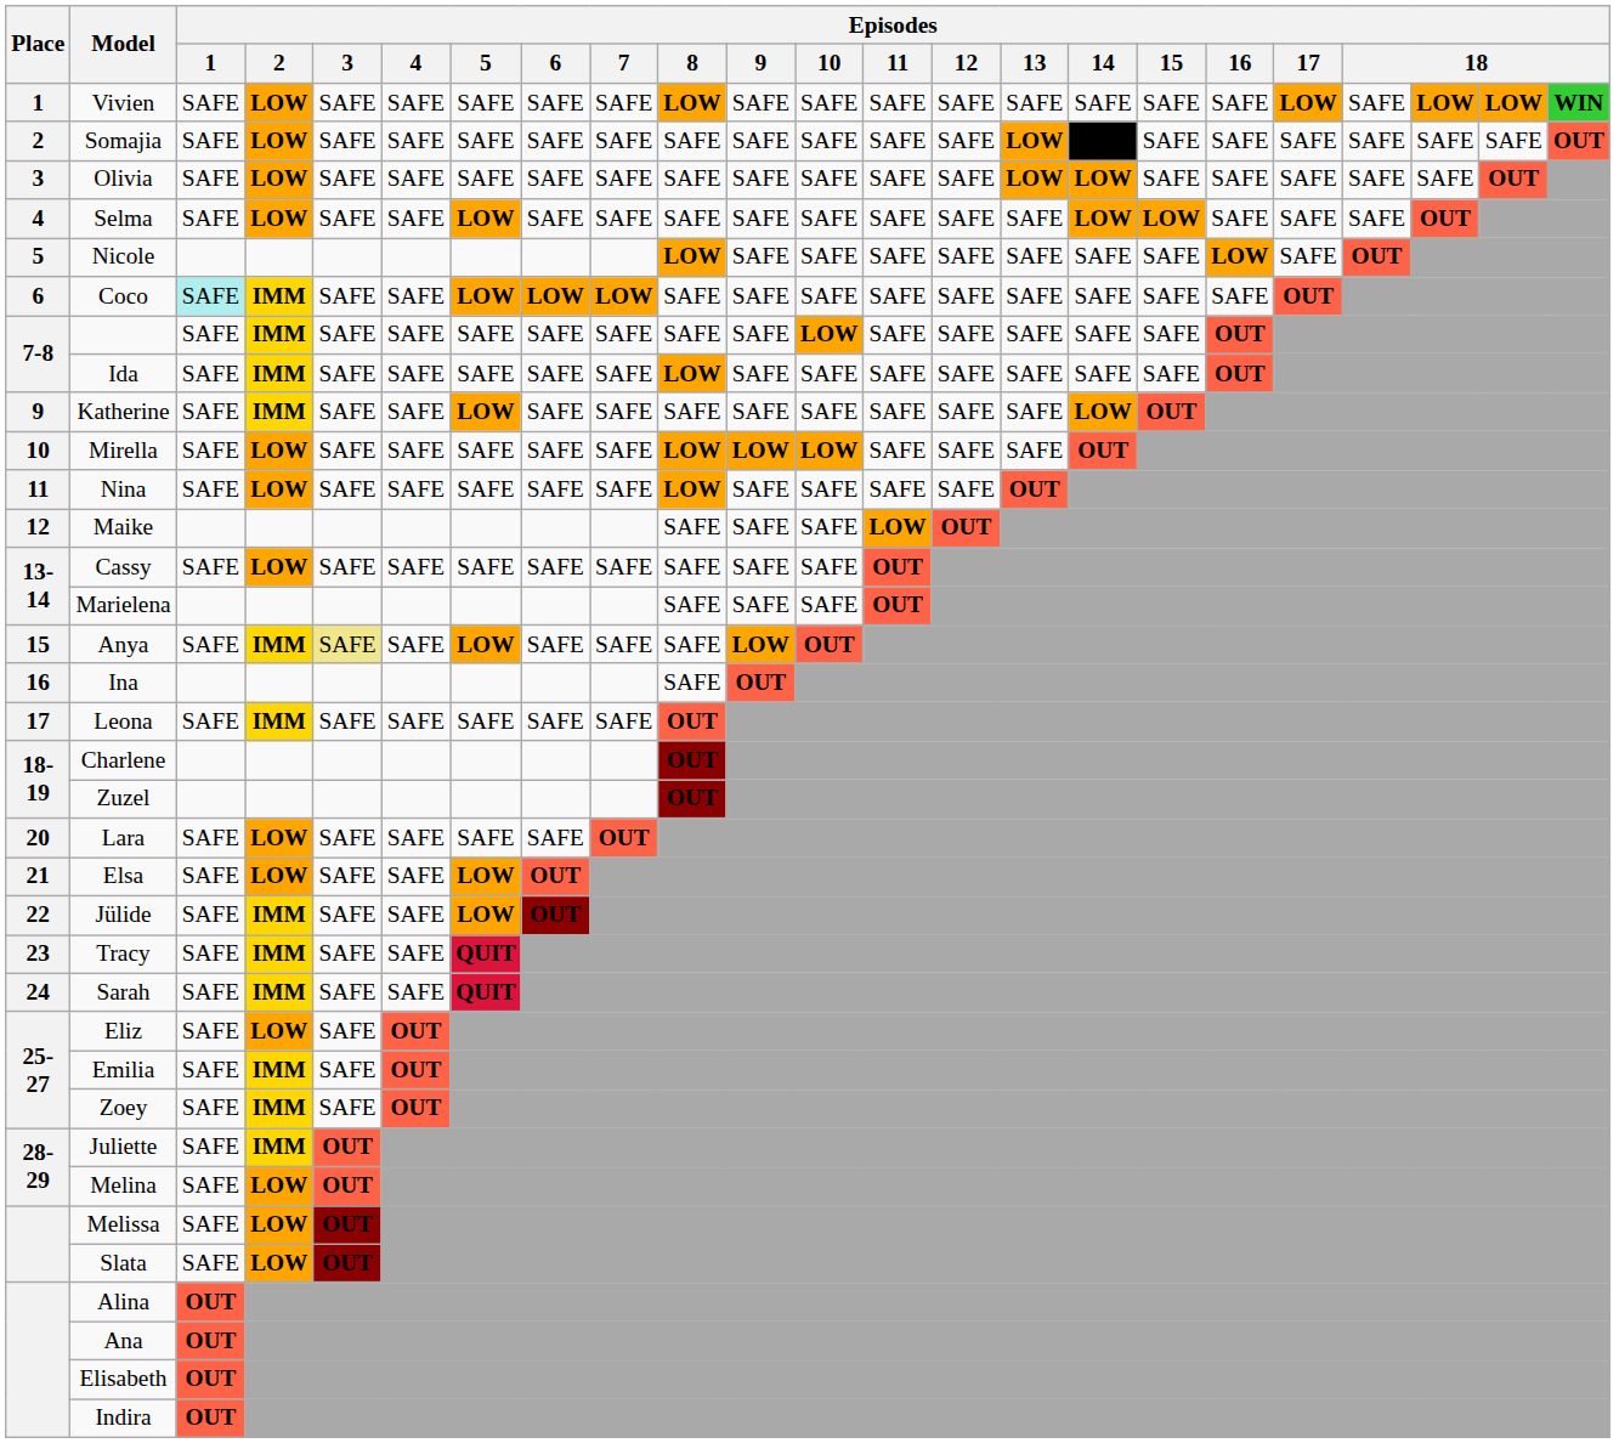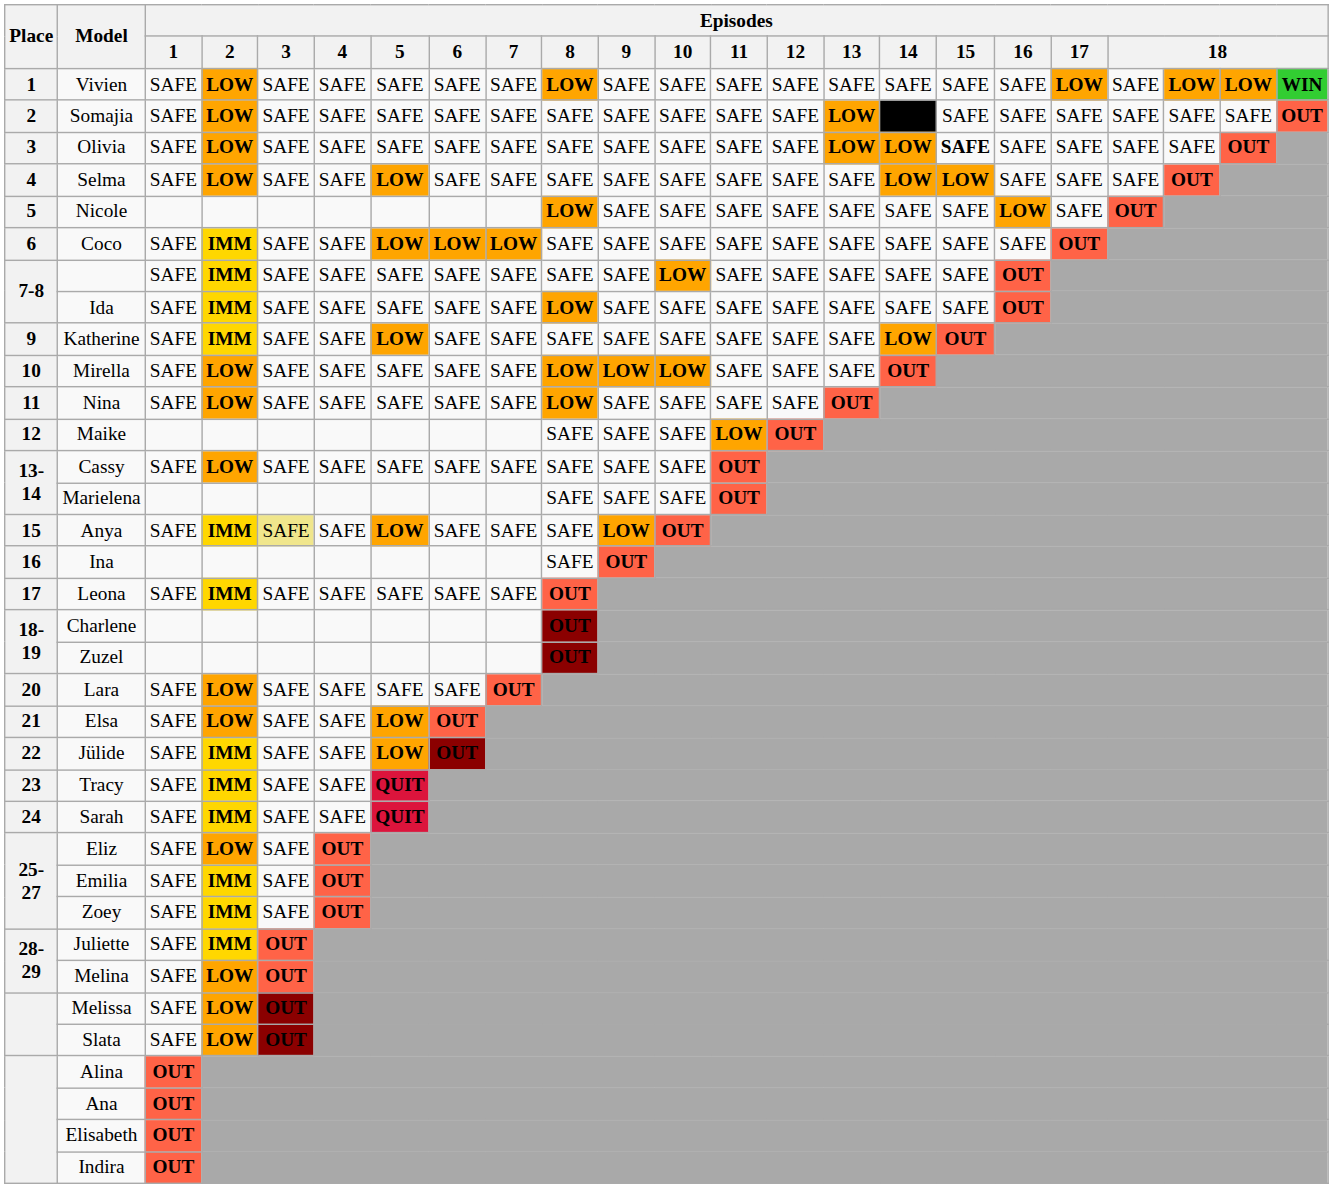 <table class="wikitable" style="width:50%; text-align:center; font-size:85%;">
 <tr>
 <th rowspan="2">Place</th>
 <th rowspan="2">Model</th>
 <th colspan="21">Episodes</th>
 </tr>
 <tr>
 <th>1</th>
 <th>2</th>
 <th>3</th>
 <th>4</th>
 <th>5</th>
 <th>6</th>
 <th>7</th>
 <th>8</th>
 <th>9</th>
 <th>10</th>
 <th>11</th>
 <th>12</th>
 <th>13</th>
 <th>14</th>
 <th>15</th>
 <th>16</th>
 <th>17</th>
 <th colspan="4">18</th>
 </tr>
 <tr>
 <th>1</th>
 <td>Vivien</td>
 <td>SAFE</td>
 <td style="background:orange;"><strong>LOW</strong></td>
 <td>SAFE</td>
 <td>SAFE</td>
 <td>SAFE</td>
 <td>SAFE</td>
 <td>SAFE</td>
 <td style="background:orange;"><strong>LOW</strong></td>
 <td>SAFE</td>
 <td>SAFE</td>
 <td>SAFE</td>
 <td>SAFE</td>
 <td>SAFE</td>
 <td>SAFE</td>
 <td>SAFE</td>
 <td>SAFE</td>
 <td style="background:orange;"><strong>LOW</strong></td>
 <td>SAFE</td>
 <td style="background:orange;"><strong>LOW</strong></td>
 <td style="background:orange;"><strong>LOW</strong></td>
 <td style="background:limegreen;"><strong>WIN</strong></td>
 </tr>
 <tr>
 <th>2</th>
 <td>Somajia</td>
 <td>SAFE</td>
 <td style="background:orange;"><strong>LOW</strong></td>
 <td>SAFE</td>
 <td>SAFE</td>
 <td>SAFE</td>
 <td>SAFE</td>
 <td>SAFE</td>
 <td>SAFE</td>
 <td>SAFE</td>
 <td>SAFE</td>
 <td>SAFE</td>
 <td>SAFE</td>
 <td style="background:orange;"><strong>LOW</strong></td>
 <td style="background:black;"></td>
 <td>SAFE</td>
 <td>SAFE</td>
 <td>SAFE</td>
 <td>SAFE</td>
 <td>SAFE</td>
 <td>SAFE</td>
 <td style="background:tomato;"><strong>OUT</strong></td>
 </tr>
 <tr>
 <th>3</th>
 <td>Olivia</td>
 <td>SAFE</td>
 <td style="background:orange;"><strong>LOW</strong></td>
 <td>SAFE</td>
 <td>SAFE</td>
 <td>SAFE</td>
 <td>SAFE</td>
 <td>SAFE</td>
 <td>SAFE</td>
 <td>SAFE</td>
 <td>SAFE</td>
 <td>SAFE</td>
 <td>SAFE</td>
 <td style="background:orange;"><strong>LOW</strong></td>
 <td style="background:orange;"><strong>LOW</strong></td>
-<td>SAFE</td>
+<td><strong>SAFE</strong></td>
 <td>SAFE</td>
 <td>SAFE</td>
 <td>SAFE</td>
 <td>SAFE</td>
 <td style="background:tomato;"><strong>OUT</strong></td>
 <td colspan="19" style="background:darkgrey"></td>
 </tr>
 <tr>
 <th>4</th>
 <td>Selma</td>
 <td>SAFE</td>
 <td style="background:orange;"><strong>LOW</strong></td>
 <td>SAFE</td>
 <td>SAFE</td>
 <td style="background:orange;"><strong>LOW</strong></td>
 <td>SAFE</td>
 <td>SAFE</td>
 <td>SAFE</td>
 <td>SAFE</td>
 <td>SAFE</td>
 <td>SAFE</td>
 <td>SAFE</td>
 <td>SAFE</td>
 <td style="background:orange;"><strong>LOW</strong></td>
 <td style="background:orange;"><strong>LOW</strong></td>
 <td>SAFE</td>
 <td>SAFE</td>
 <td>SAFE</td>
 <td style="background:tomato;"><strong>OUT</strong></td>
 <td colspan="19" style="background:darkgrey"></td>
 </tr>
 <tr>
 <th>5</th>
 <td>Nicole</td>
 <td></td>
 <td></td>
 <td></td>
 <td></td>
 <td></td>
 <td></td>
 <td></td>
 <td style="background:orange;"><strong>LOW</strong></td>
 <td>SAFE</td>
 <td>SAFE</td>
 <td>SAFE</td>
 <td>SAFE</td>
 <td>SAFE</td>
 <td>SAFE</td>
 <td>SAFE</td>
 <td style="background:orange;"><strong>LOW</strong></td>
 <td>SAFE</td>
 <td style="background:tomato;"><strong>OUT</strong></td>
 <td colspan="19" style="background:darkgrey"></td>
 </tr>
 <tr>
 <th>6</th>
 <td>Coco</td>
-<td style="background: paleturquoise;">SAFE</td>
+<td>SAFE</td>
 <td style="background:gold;"><strong>IMM</strong></td>
 <td>SAFE</td>
 <td>SAFE</td>
 <td style="background:orange;"><strong>LOW</strong></td>
 <td style="background:orange;"><strong>LOW</strong></td>
 <td style="background:orange;"><strong>LOW</strong></td>
 <td>SAFE</td>
 <td>SAFE</td>
 <td>SAFE</td>
 <td>SAFE</td>
 <td>SAFE</td>
 <td>SAFE</td>
 <td>SAFE</td>
 <td>SAFE</td>
 <td>SAFE</td>
 <td style="background:tomato;"><strong>OUT</strong></td>
 <td colspan="19" style="background:darkgrey"></td>
 </tr>
 <tr>
 <th rowspan="2">7-8</th>
 <td></td>
 <td>SAFE</td>
 <td style="background:gold;"><strong>IMM</strong></td>
 <td>SAFE</td>
 <td>SAFE</td>
 <td>SAFE</td>
 <td>SAFE</td>
 <td>SAFE</td>
 <td>SAFE</td>
 <td>SAFE</td>
 <td style="background:orange;"><strong>LOW</strong></td>
 <td>SAFE</td>
 <td>SAFE</td>
 <td>SAFE</td>
 <td>SAFE</td>
 <td>SAFE</td>
 <td style="background:tomato;"><strong>OUT</strong></td>
 <td colspan="19" style="background:darkgrey"></td>
 </tr>
 <tr>
 <td>Ida</td>
 <td>SAFE</td>
 <td style="background:gold;"><strong>IMM</strong></td>
 <td>SAFE</td>
 <td>SAFE</td>
 <td>SAFE</td>
 <td>SAFE</td>
 <td>SAFE</td>
 <td style="background:orange;"><strong>LOW</strong></td>
 <td>SAFE</td>
 <td>SAFE</td>
 <td>SAFE</td>
 <td>SAFE</td>
 <td>SAFE</td>
 <td>SAFE</td>
 <td>SAFE</td>
 <td style="background:tomato;"><strong>OUT</strong></td>
 <td colspan="19" style="background:darkgrey"></td>
 </tr>
 <tr>
 <th>9</th>
 <td>Katherine</td>
 <td>SAFE</td>
 <td style="background:gold;"><strong>IMM</strong></td>
 <td>SAFE</td>
 <td>SAFE</td>
 <td style="background:orange;"><strong>LOW</strong></td>
 <td>SAFE</td>
 <td>SAFE</td>
 <td>SAFE</td>
 <td>SAFE</td>
 <td>SAFE</td>
 <td>SAFE</td>
 <td>SAFE</td>
 <td>SAFE</td>
 <td style="background:orange;"><strong>LOW</strong></td>
 <td style="background:tomato;"><strong>OUT</strong></td>
 <td colspan="19" style="background:darkgrey"></td>
 </tr>
 <tr>
 <th>10</th>
 <td>Mirella</td>
 <td>SAFE</td>
 <td style="background:orange;"><strong>LOW</strong></td>
 <td>SAFE</td>
 <td>SAFE</td>
 <td>SAFE</td>
 <td>SAFE</td>
 <td>SAFE</td>
 <td style="background:orange;"><strong>LOW</strong></td>
 <td style="background:orange;"><strong>LOW</strong></td>
 <td style="background:orange;"><strong>LOW</strong></td>
 <td>SAFE</td>
 <td>SAFE</td>
 <td>SAFE</td>
 <td style="background:tomato;"><strong>OUT</strong></td>
 <td colspan="19" style="background:darkgrey"></td>
 </tr>
 <tr>
 <th>11</th>
 <td>Nina</td>
 <td>SAFE</td>
 <td style="background:orange;"><strong>LOW</strong></td>
 <td>SAFE</td>
 <td>SAFE</td>
 <td>SAFE</td>
 <td>SAFE</td>
 <td>SAFE</td>
 <td style="background:orange;"><strong>LOW</strong></td>
 <td>SAFE</td>
 <td>SAFE</td>
 <td>SAFE</td>
 <td>SAFE</td>
 <td style="background:tomato;"><strong>OUT</strong></td>
 <td colspan="19" style="background:darkgrey"></td>
 </tr>
 <tr>
 <th>12</th>
 <td>Maike</td>
 <td></td>
 <td></td>
 <td></td>
 <td></td>
 <td></td>
 <td></td>
 <td></td>
 <td>SAFE</td>
 <td>SAFE</td>
 <td>SAFE</td>
 <td style="background:orange;"><strong>LOW</strong></td>
 <td style="background:tomato;"><strong>OUT</strong></td>
 <td colspan="19" style="background:darkgrey"></td>
 </tr>
 <tr>
 <th rowspan="2">13-14</th>
 <td>Cassy</td>
 <td>SAFE</td>
 <td style="background:orange;"><strong>LOW</strong></td>
 <td>SAFE</td>
 <td>SAFE</td>
 <td>SAFE</td>
 <td>SAFE</td>
 <td>SAFE</td>
 <td>SAFE</td>
 <td>SAFE</td>
 <td>SAFE</td>
 <td style="background:tomato;"><strong>OUT</strong></td>
 <td colspan="19" style="background:darkgrey"></td>
 </tr>
 <tr>
 <td>Marielena</td>
 <td></td>
 <td></td>
 <td></td>
 <td></td>
 <td></td>
 <td></td>
 <td></td>
 <td>SAFE</td>
 <td>SAFE</td>
 <td>SAFE</td>
 <td style="background:tomato;"><strong>OUT</strong></td>
 <td colspan="19" style="background:darkgrey"></td>
 </tr>
 <tr>
 <th>15</th>
 <td>Anya</td>
 <td>SAFE</td>
 <td style="background:gold;"><strong>IMM</strong></td>
 <td style="background: khaki;">SAFE</td>
 <td>SAFE</td>
 <td style="background:orange;"><strong>LOW</strong></td>
 <td>SAFE</td>
 <td>SAFE</td>
 <td>SAFE</td>
 <td style="background:orange;"><strong>LOW</strong></td>
 <td style="background:tomato;"><strong>OUT</strong></td>
 <td colspan="19" style="background:darkgrey"></td>
 </tr>
 <tr>
 <th>16</th>
 <td>Ina</td>
 <td></td>
 <td></td>
 <td></td>
 <td></td>
 <td></td>
 <td></td>
 <td></td>
 <td>SAFE</td>
 <td style="background:tomato;"><strong>OUT</strong></td>
 <td colspan="19" style="background:darkgrey"></td>
 </tr>
 <tr>
 <th>17</th>
 <td>Leona</td>
 <td>SAFE</td>
 <td style="background:gold;"><strong>IMM</strong></td>
 <td>SAFE</td>
 <td>SAFE</td>
 <td>SAFE</td>
 <td>SAFE</td>
 <td>SAFE</td>
 <td style="background:tomato;"><strong>OUT</strong></td>
 <td colspan="19" style="background:darkgrey"></td>
 </tr>
 <tr>
 <th rowspan="2">18-19</th>
 <td>Charlene</td>
 <td></td>
 <td></td>
 <td></td>
 <td></td>
 <td></td>
 <td></td>
 <td></td>
 <td style="background:darkred;"><strong><span>OUT</span></strong></td>
 <td colspan="19" style="background:darkgrey"></td>
 </tr>
 <tr>
 <td>Zuzel</td>
 <td></td>
 <td></td>
 <td></td>
 <td></td>
 <td></td>
 <td></td>
 <td></td>
 <td style="background:darkred;"><strong><span>OUT</span></strong></td>
 <td colspan="19" style="background:darkgrey"></td>
 </tr>
 <tr>
 <th>20</th>
 <td>Lara</td>
 <td>SAFE</td>
 <td style="background:orange;"><strong>LOW</strong></td>
 <td>SAFE</td>
 <td>SAFE</td>
 <td>SAFE</td>
 <td>SAFE</td>
 <td style="background:tomato;"><strong>OUT</strong></td>
 <td colspan="19" style="background:darkgrey"></td>
 </tr>
 <tr>
 <th>21</th>
 <td>Elsa</td>
 <td>SAFE</td>
 <td style="background:orange;"><strong>LOW</strong></td>
 <td>SAFE</td>
 <td>SAFE</td>
 <td style="background:orange;"><strong>LOW</strong></td>
 <td style="background:tomato;"><strong>OUT</strong></td>
 <td colspan="19" style="background:darkgrey"></td>
 </tr>
 <tr>
 <th>22</th>
 <td>Jülide</td>
 <td>SAFE</td>
 <td style="background:gold;"><strong>IMM</strong></td>
 <td>SAFE</td>
 <td>SAFE</td>
 <td style="background:orange;"><strong>LOW</strong></td>
 <td style="background:darkred;"><strong><span>OUT</span></strong></td>
 <td colspan="19" style="background:darkgrey"></td>
 </tr>
 <tr>
 <th>23</th>
 <td>Tracy</td>
 <td>SAFE</td>
 <td style="background:gold;"><strong>IMM</strong></td>
 <td>SAFE</td>
 <td>SAFE</td>
 <td style="background:crimson;"><strong><span>QUIT</span></strong></td>
 <td colspan="19" style="background:darkgrey"></td>
 </tr>
 <tr>
 <th>24</th>
 <td>Sarah</td>
 <td>SAFE</td>
 <td style="background:gold;"><strong>IMM</strong></td>
 <td>SAFE</td>
 <td>SAFE</td>
 <td style="background:crimson;"><strong><span>QUIT</span></strong></td>
 <td colspan="19" style="background:darkgrey"></td>
 </tr>
 <tr>
 <th rowspan="3">25-27</th>
 <td>Eliz</td>
 <td>SAFE</td>
 <td style="background:orange;"><strong>LOW</strong></td>
 <td>SAFE</td>
 <td style="background:tomato;"><strong>OUT</strong></td>
 <td colspan="19" style="background:darkgrey"></td>
 </tr>
 <tr>
 <td>Emilia</td>
 <td>SAFE</td>
 <td style="background:gold;"><strong>IMM</strong></td>
 <td>SAFE</td>
 <td style="background:tomato;"><strong>OUT</strong></td>
 <td colspan="19" style="background:darkgrey"></td>
 </tr>
 <tr>
 <td>Zoey</td>
 <td>SAFE</td>
 <td style="background:gold;"><strong>IMM</strong></td>
 <td>SAFE</td>
 <td style="background:tomato;"><strong>OUT</strong></td>
 <td colspan="19" style="background:darkgrey"></td>
 </tr>
 <tr>
 <th rowspan="2">28-29</th>
 <td>Juliette</td>
 <td>SAFE</td>
 <td style="background:gold;"><strong>IMM</strong></td>
 <td style="background:tomato;"><strong>OUT</strong></td>
 <td colspan="19" style="background:darkgrey"></td>
 </tr>
 <tr>
 <td>Melina</td>
 <td>SAFE</td>
 <td style="background:orange;"><strong>LOW</strong></td>
 <td style="background:tomato;"><strong>OUT</strong></td>
 <td colspan="19" style="background:darkgrey"></td>
 </tr>
 <tr>
 <th rowspan="2"></th>
 <td>Melissa</td>
 <td>SAFE</td>
 <td style="background:orange;"><strong>LOW</strong></td>
 <td style="background:darkred;"><strong><span>OUT</span></strong></td>
 <td colspan="19" style="background:darkgrey"></td>
 </tr>
 <tr>
 <td>Slata</td>
 <td>SAFE</td>
 <td style="background:orange;"><strong>LOW</strong></td>
 <td style="background:darkred;"><strong><span>OUT</span></strong></td>
 <td colspan="19" style="background:darkgrey"></td>
 </tr>
 <tr>
 <th rowspan="4"></th>
 <td>Alina</td>
 <td style="background:tomato;"><strong>OUT</strong></td>
 <td colspan="25" style="background:darkgrey"></td>
 </tr>
 <tr>
 <td>Ana</td>
 <td style="background:tomato;"><strong>OUT</strong></td>
 <td colspan="25" style="background:darkgrey"></td>
 </tr>
 <tr>
 <td>Elisabeth</td>
 <td style="background:tomato;"><strong>OUT</strong></td>
 <td colspan="25" style="background:darkgrey"></td>
 </tr>
 <tr>
 <td>Indira</td>
 <td style="background:tomato;"><strong>OUT</strong></td>
 <td colspan="25" style="background:darkgrey"></td>
 </tr>
 </table>
